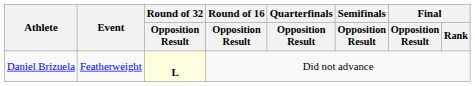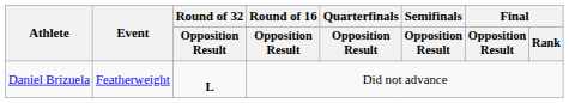 <table class="wikitable" style="font-size:90%">
 <tr>
 <th rowspan="2">Athlete</th>
 <th rowspan="2">Event</th>
 <th>Round of 32</th>
 <th>Round of 16</th>
 <th>Quarterfinals</th>
 <th>Semifinals</th>
 <th colspan=2>Final</th>
 </tr>
 <tr style="font-size:95%">
 <th>Opposition<br>Result</th>
 <th>Opposition<br>Result</th>
 <th>Opposition<br>Result</th>
 <th>Opposition<br>Result</th>
 <th>Opposition<br>Result</th>
 <th>Rank</th>
 </tr>
 <tr align=center>
 <td align=left><a href='#'>Daniel Brizuela</a></td>
 <td align=left><a href='#'>Featherweight</a></td>
-<td style="background: lightyellow;"><br><strong>L</strong> </td>
+<td><br><strong>L</strong> </td>
 <td colspan=5>Did not advance</td>
 </tr>
 </table>
